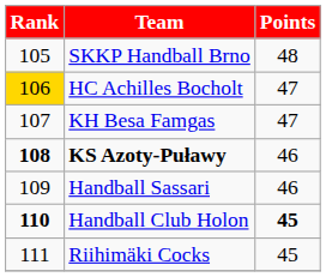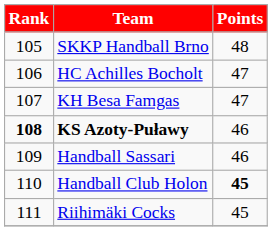 <table class="wikitable" style="text-align: center">
 <tr>
 <th style="color:#FFFFFF; background:#FF0000">Rank</th>
 <th style="color:#FFFFFF; background:#FF0000">Team</th>
 <th style="color:#FFFFFF; background:#FF0000">Points</th>
 </tr>
 <tr>
 <td>105</td>
 <td align=left> <a href='#'>SKKP Handball Brno</a></td>
 <td>48</td>
 </tr>
 <tr>
-<td style="background: gold;">106</td>
+<td>106</td>
 <td align=left> <a href='#'>HC Achilles Bocholt</a></td>
 <td>47</td>
 </tr>
 <tr>
 <td>107</td>
 <td align=left> <a href='#'>KH Besa Famgas</a></td>
 <td>47</td>
 </tr>
 <tr>
 <td><strong>108</strong></td>
 <td align=left> <strong>KS Azoty-Puławy</strong></td>
 <td>46</td>
 </tr>
 <tr>
 <td>109</td>
 <td align=left> <a href='#'>Handball Sassari</a></td>
 <td>46</td>
 </tr>
 <tr>
-<td><strong>110</strong></td>
+<td>110</td>
 <td align=left> <a href='#'>Handball Club Holon</a></td>
 <td><strong>45</strong></td>
 </tr>
 <tr>
 <td>111</td>
 <td align=left> <a href='#'>Riihimäki Cocks</a></td>
 <td>45</td>
 </tr>
 <tr>
 </tr>
 </table>
